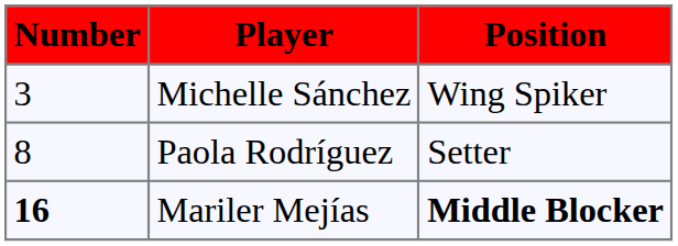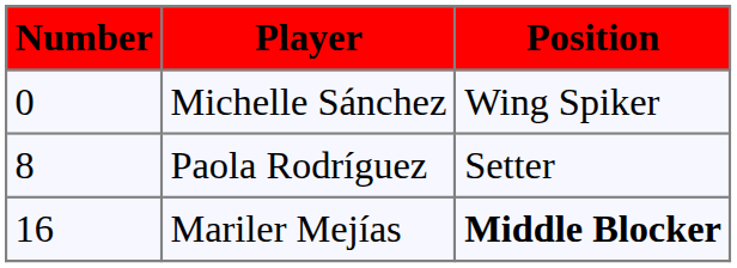 <table bgcolor="#f7f8ff" cellpadding="3" cellspacing="0" border="1" style="font-size: 95%; border: gray solid 1px; border-collapse: collapse;">
 <tr bgcolor="#ff0000">
 <td align=center><strong>Number</strong></td>
 <td align=center><strong>Player</strong></td>
 <td align=center><strong>Position</strong></td>
 </tr>
 <tr align="left">
-<td>3</td>
+<td>0</td>
 <td> Michelle Sánchez</td>
 <td>Wing Spiker</td>
 </tr>
 <tr align="left">
 <td>8</td>
 <td> Paola Rodríguez</td>
 <td>Setter</td>
 </tr>
 <tr align="left">
-<td><strong>16</strong></td>
+<td>16</td>
 <td> Mariler Mejías</td>
 <td><strong>Middle Blocker</strong></td>
 </tr>
 <tr align="left">
 </tr>
 </table>
